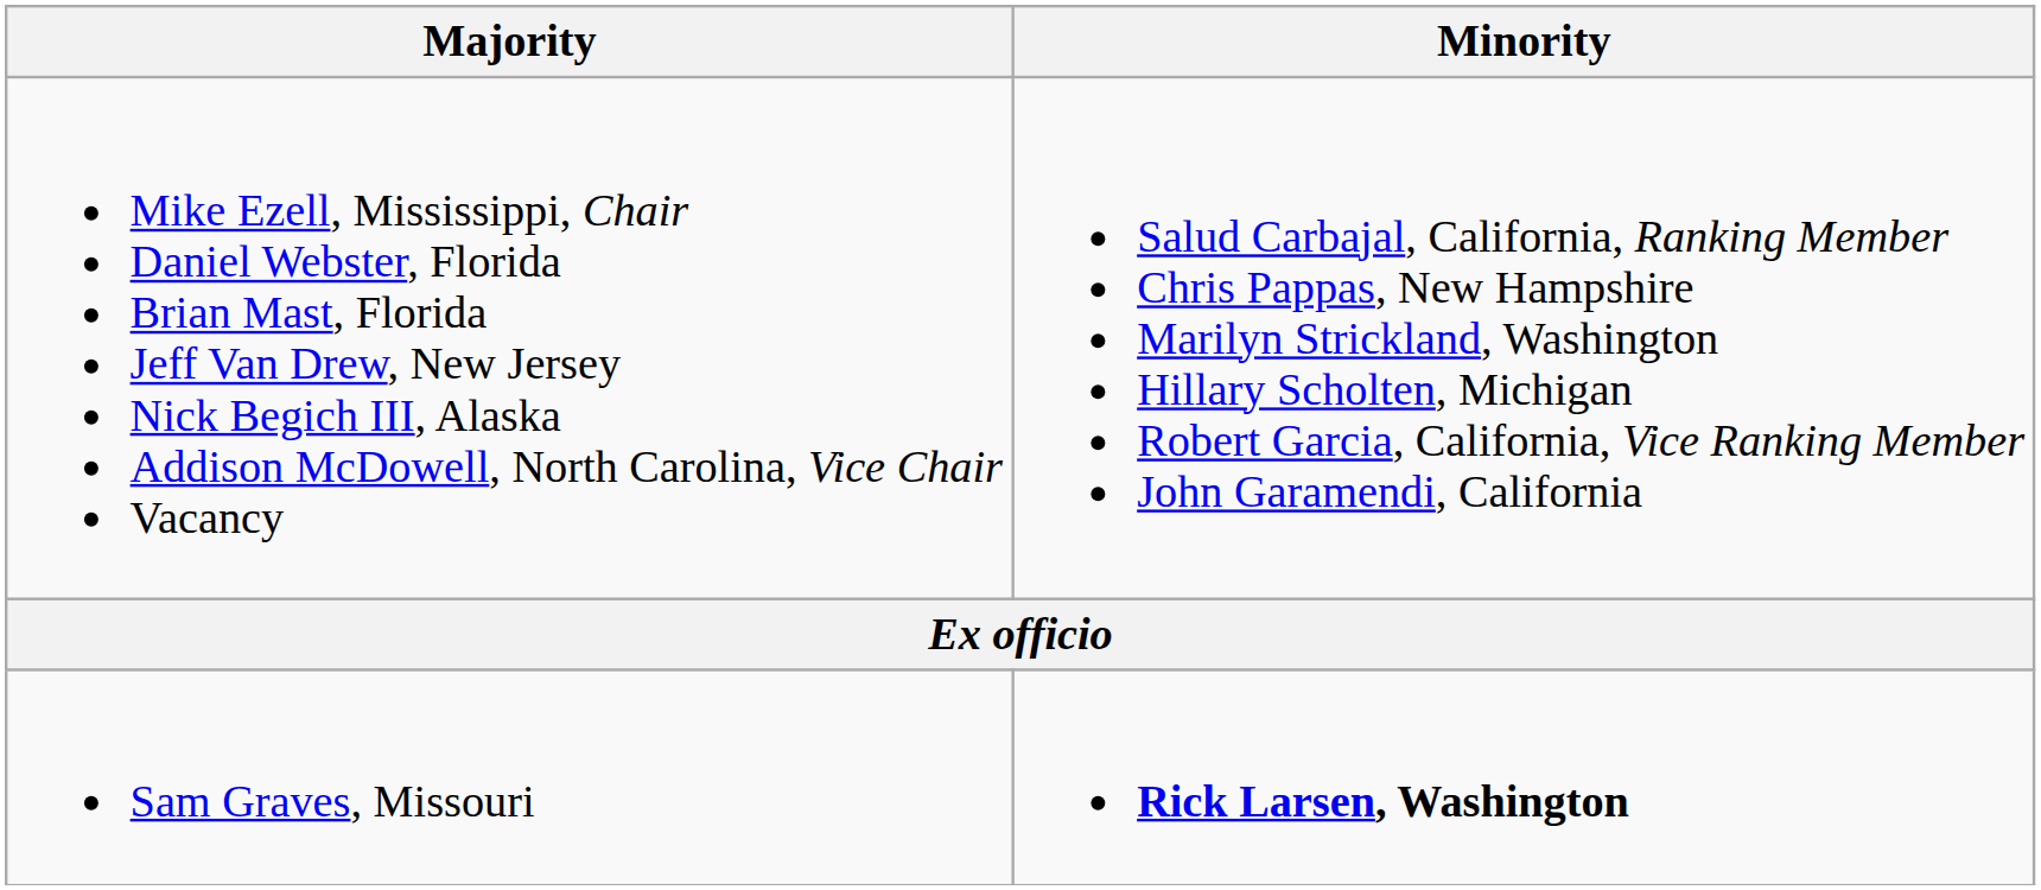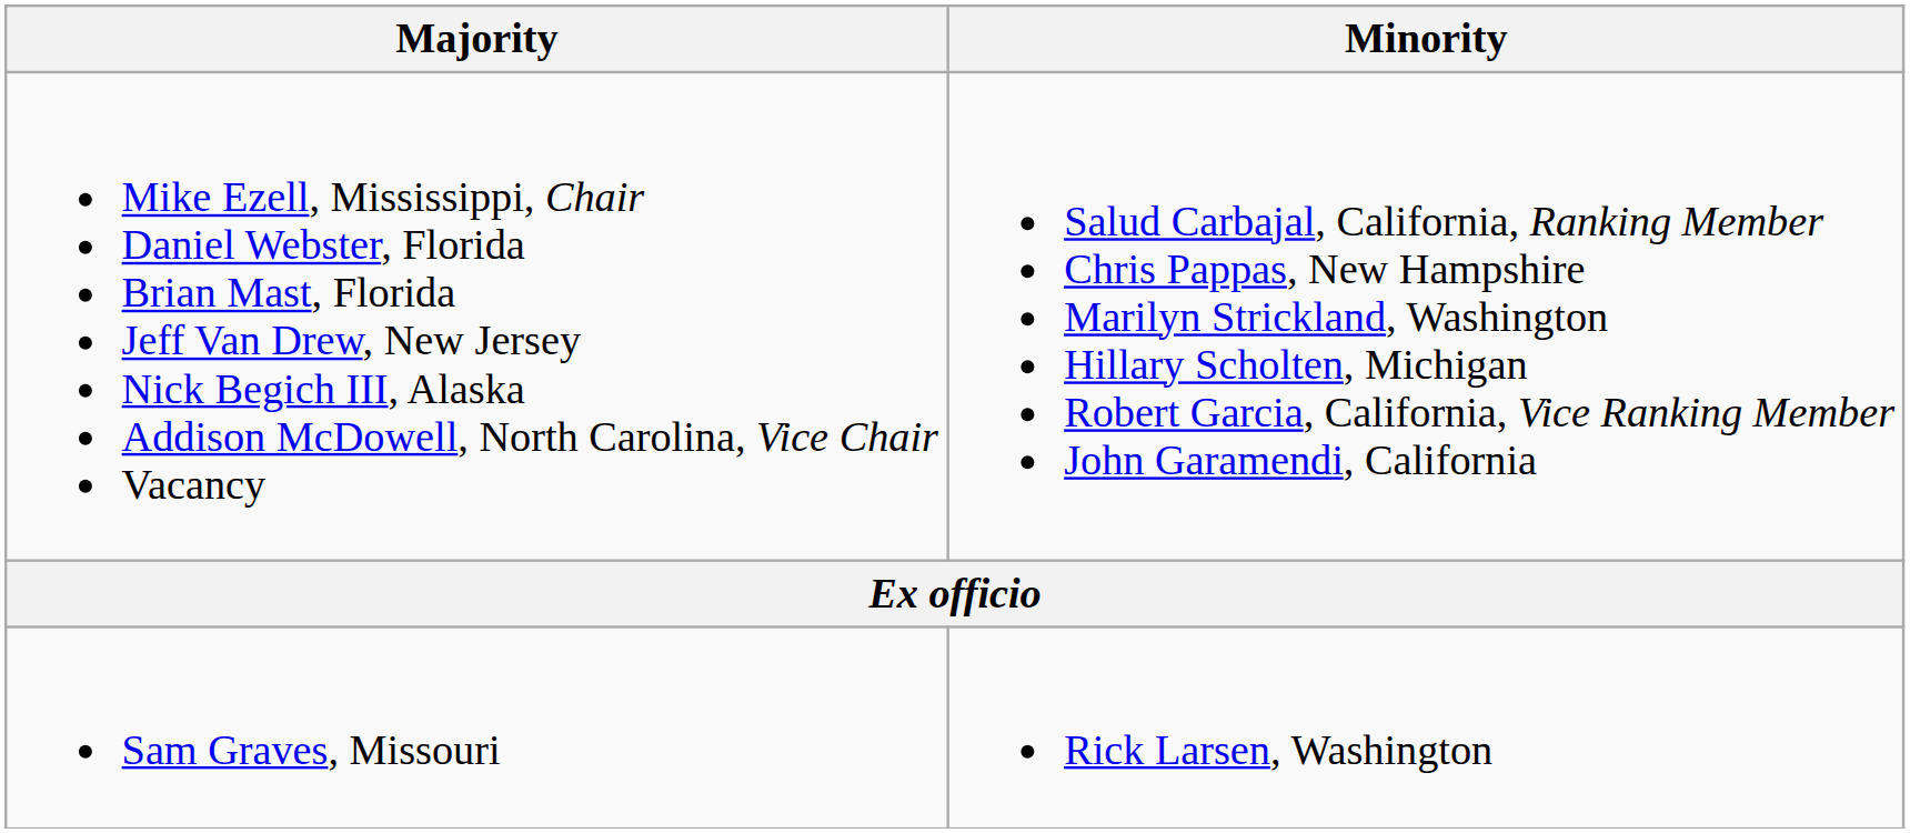 <table class=wikitable>
 <tr>
 <th>Majority</th>
 <th>Minority</th>
 </tr>
 <tr>
 <td><br><ul><li><a href='#'>Mike Ezell</a>, Mississippi, <em>Chair</em></li><li><a href='#'>Daniel Webster</a>, Florida</li><li><a href='#'>Brian Mast</a>, Florida</li><li><a href='#'>Jeff Van Drew</a>, New Jersey</li><li><a href='#'>Nick Begich III</a>, Alaska</li><li><a href='#'>Addison McDowell</a>, North Carolina, <em>Vice Chair</em></li><li>Vacancy</li></ul></td>
 <td><br><ul><li><a href='#'>Salud Carbajal</a>, California, <em>Ranking Member</em></li><li><a href='#'>Chris Pappas</a>, New Hampshire</li><li><a href='#'>Marilyn Strickland</a>, Washington</li><li><a href='#'>Hillary Scholten</a>, Michigan</li><li><a href='#'>Robert Garcia</a>, California, <em>Vice Ranking Member</em></li><li><a href='#'>John Garamendi</a>, California</li></ul></td>
 </tr>
 <tr>
 <th colspan=2><em>Ex officio</em></th>
 </tr>
 <tr>
 <td><br><ul><li><a href='#'>Sam Graves</a>, Missouri</li></ul></td>
-<td><strong><br><ul><li><a href='#'>Rick Larsen</a>, Washington</li></ul></strong></td>
+<td><br><ul><li><a href='#'>Rick Larsen</a>, Washington</li></ul></td>
 </tr>
 </table>
